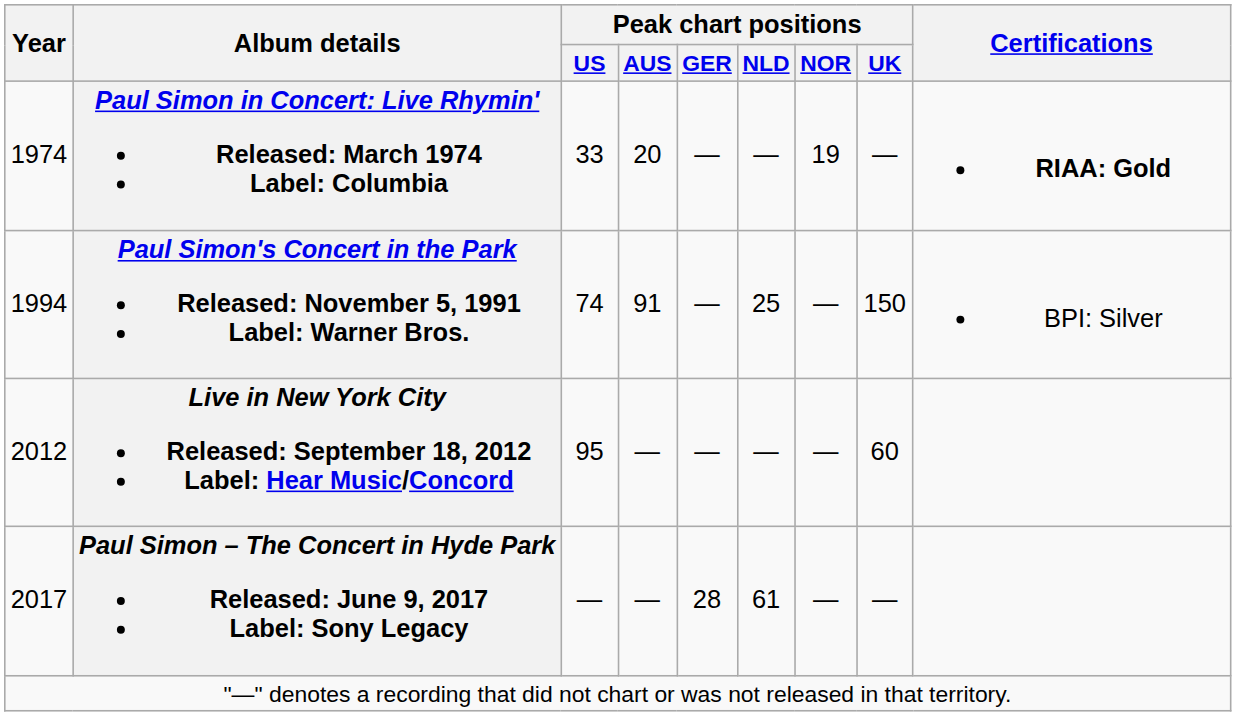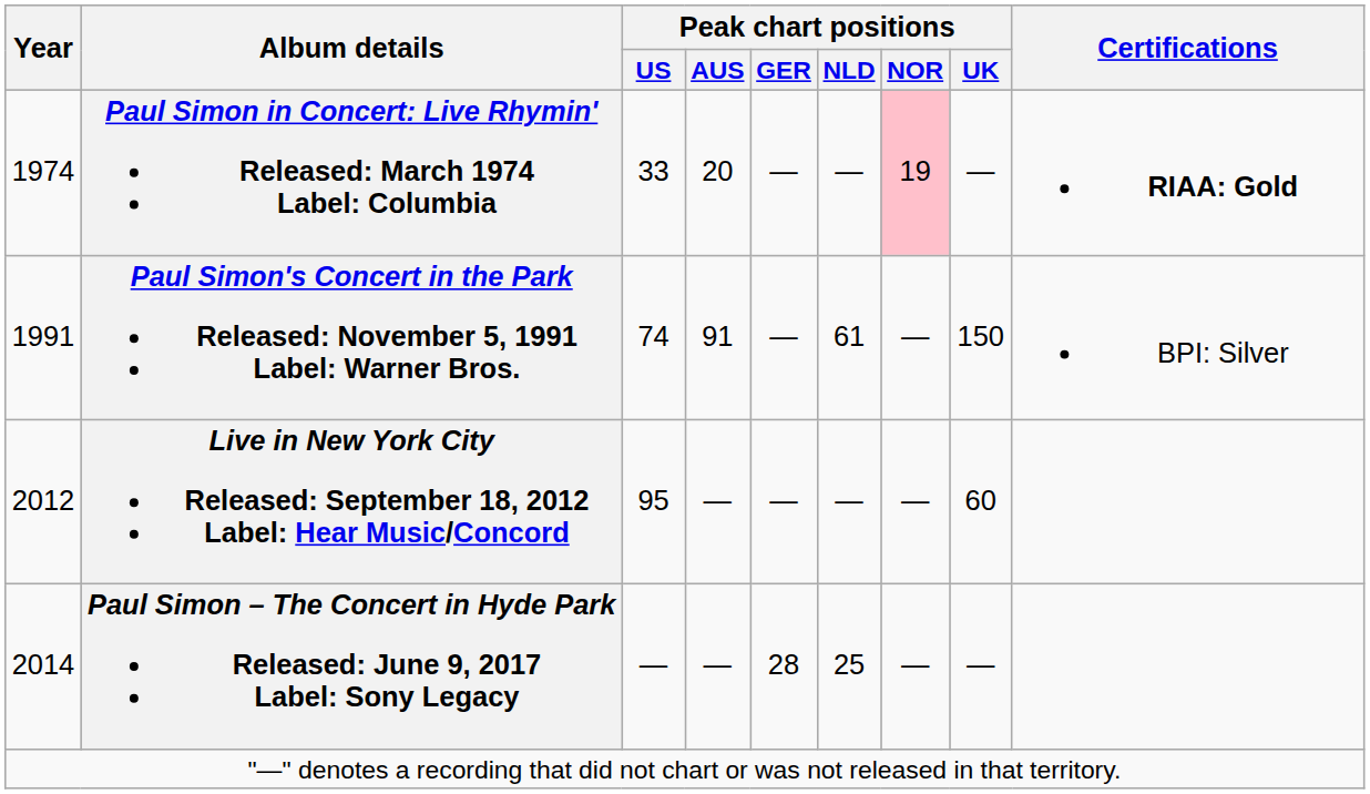 <table class="wikitable plainrowheaders" style="text-align:center;" border="1">
 <tr>
 <th scope="col" rowspan="2">Year</th>
 <th scope="col" rowspan="2">Album details</th>
 <th scope="col" colspan="6">Peak chart positions</th>
 <th scope="col" rowspan="2" style="width:12em;"><a href='#'>Certifications</a></th>
 </tr>
 <tr>
 <th scope="col" style="width:2em;font-size:90%;"><a href='#'>US</a><br></th>
 <th scope="col" style="width:2em;font-size:90%;"><a href='#'>AUS</a><br></th>
 <th scope="col" style="width:2em;font-size:90%;"><a href='#'>GER</a><br></th>
 <th scope="col" style="width:2em;font-size:90%;"><a href='#'>NLD</a><br></th>
 <th scope="col" style="width:2em;font-size:90%;"><a href='#'>NOR</a><br></th>
 <th scope="col" style="width:2em;font-size:90%;"><a href='#'>UK</a><br></th>
 </tr>
 <tr>
 <td align="center">1974</td>
 <th scope="row"><em><a href='#'>Paul Simon in Concert: Live Rhymin'</a></em><br><ul><li>Released: March 1974</li><li>Label: Columbia</li></ul></th>
 <td>33</td>
 <td>20</td>
 <td>—</td>
 <td>—</td>
-<td>19</td>
+<td style="background: pink;">19</td>
 <td>—</td>
 <td><strong><br><ul><li>RIAA: Gold</li></ul></strong></td>
 </tr>
 <tr>
-<td align="center">1994</td>
+<td align="center">1991</td>
 <th scope="row"><em><a href='#'>Paul Simon's Concert in the Park</a></em><br><ul><li>Released: November 5, 1991</li><li>Label: Warner Bros.</li></ul></th>
 <td>74</td>
 <td>91</td>
 <td>—</td>
-<td>25</td>
+<td>61</td>
 <td>—</td>
 <td>150</td>
 <td><br><ul><li>BPI: Silver</li></ul></td>
 </tr>
 <tr>
 <td align="center">2012</td>
 <th scope="row"><em>Live in New York City</em><br><ul><li>Released: September 18, 2012</li><li>Label: <a href='#'>Hear Music</a>/<a href='#'>Concord</a></li></ul></th>
 <td>95</td>
 <td>—</td>
 <td>—</td>
 <td>—</td>
 <td>—</td>
 <td>60</td>
 <td></td>
 </tr>
 <tr>
-<td align="center">2017</td>
+<td align="center">2014</td>
 <th scope="row"><em>Paul Simon – The Concert in Hyde Park</em><br><ul><li>Released: June 9, 2017</li><li>Label: Sony Legacy</li></ul></th>
 <td>—</td>
 <td>—</td>
 <td>28</td>
-<td>61</td>
+<td>25</td>
 <td>—</td>
 <td>—</td>
 <td></td>
 </tr>
 <tr>
 <td colspan="14" style="font-size:90%">"—" denotes a recording that did not chart or was not released in that territory.</td>
 </tr>
 </table>
